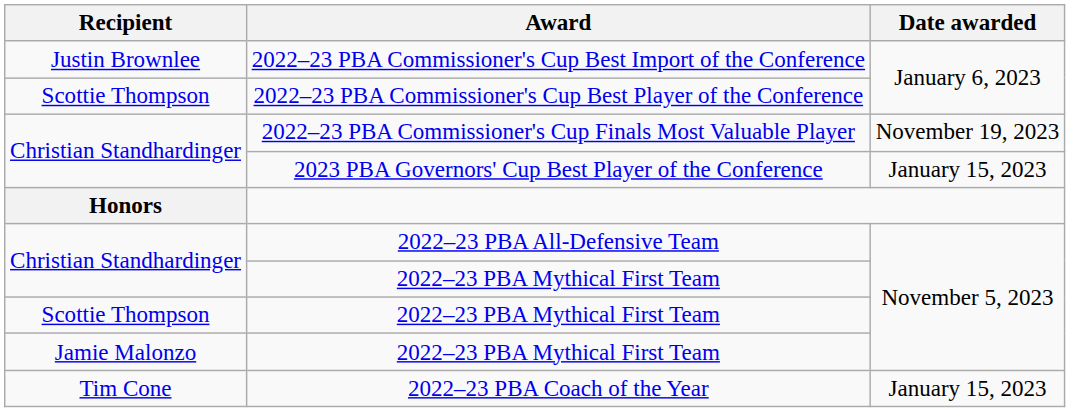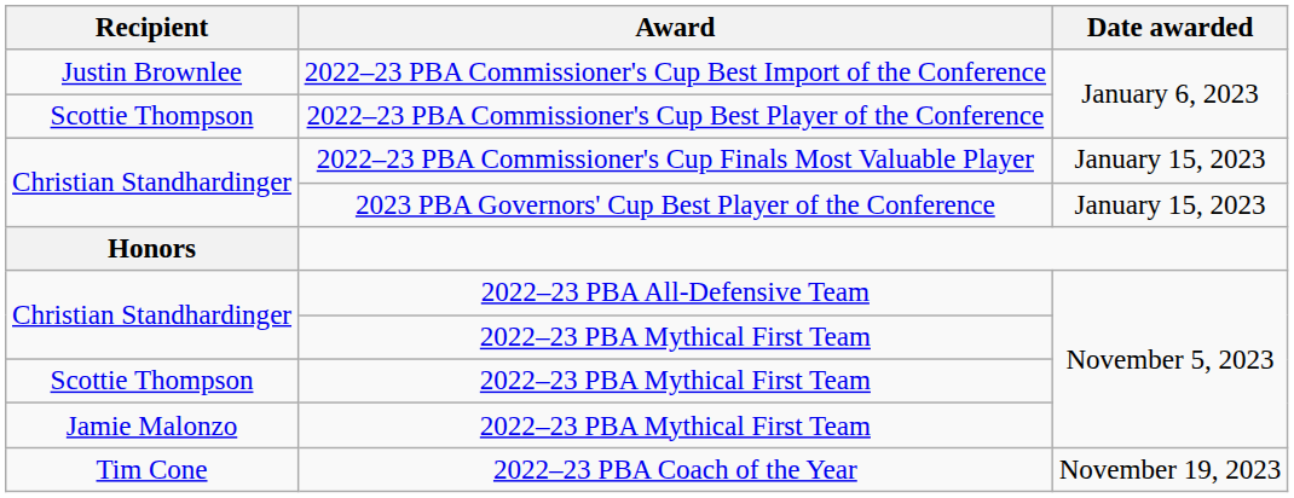 <table class="wikitable sortable sortable" style="text-align: center">
 <tr>
 <th>Recipient</th>
 <th>Award</th>
 <th>Date awarded</th>
 </tr>
 <tr>
 <td><a href='#'>Justin Brownlee</a></td>
 <td><a href='#'>2022–23 PBA Commissioner's Cup Best Import of the Conference</a></td>
 <td rowspan=2>January 6, 2023</td>
 </tr>
 <tr>
 <td><a href='#'>Scottie Thompson</a></td>
 <td><a href='#'>2022–23 PBA Commissioner's Cup Best Player of the Conference</a></td>
 </tr>
 <tr>
 <td rowspan=2><a href='#'>Christian Standhardinger</a></td>
 <td><a href='#'>2022–23 PBA Commissioner's Cup Finals Most Valuable Player</a></td>
-<td>November 19, 2023</td>
+<td>January 15, 2023</td>
 </tr>
 <tr>
 <td><a href='#'>2023 PBA Governors' Cup Best Player of the Conference</a></td>
 <td>January 15, 2023</td>
 </tr>
 <tr>
 <th>Honors</th>
 </tr>
 <tr>
 <td rowspan=2><a href='#'>Christian Standhardinger</a></td>
 <td><a href='#'>2022–23 PBA All-Defensive Team</a></td>
 <td rowspan=4>November 5, 2023</td>
 </tr>
 <tr>
 <td><a href='#'>2022–23 PBA Mythical First Team</a></td>
 </tr>
 <tr>
 <td><a href='#'>Scottie Thompson</a></td>
 <td><a href='#'>2022–23 PBA Mythical First Team</a></td>
 </tr>
 <tr>
 <td><a href='#'>Jamie Malonzo</a></td>
 <td><a href='#'>2022–23 PBA Mythical First Team</a></td>
 </tr>
 <tr>
 <td><a href='#'>Tim Cone</a></td>
 <td><a href='#'>2022–23 PBA Coach of the Year</a></td>
-<td>January 15, 2023</td>
+<td>November 19, 2023</td>
 </tr>
 </table>
